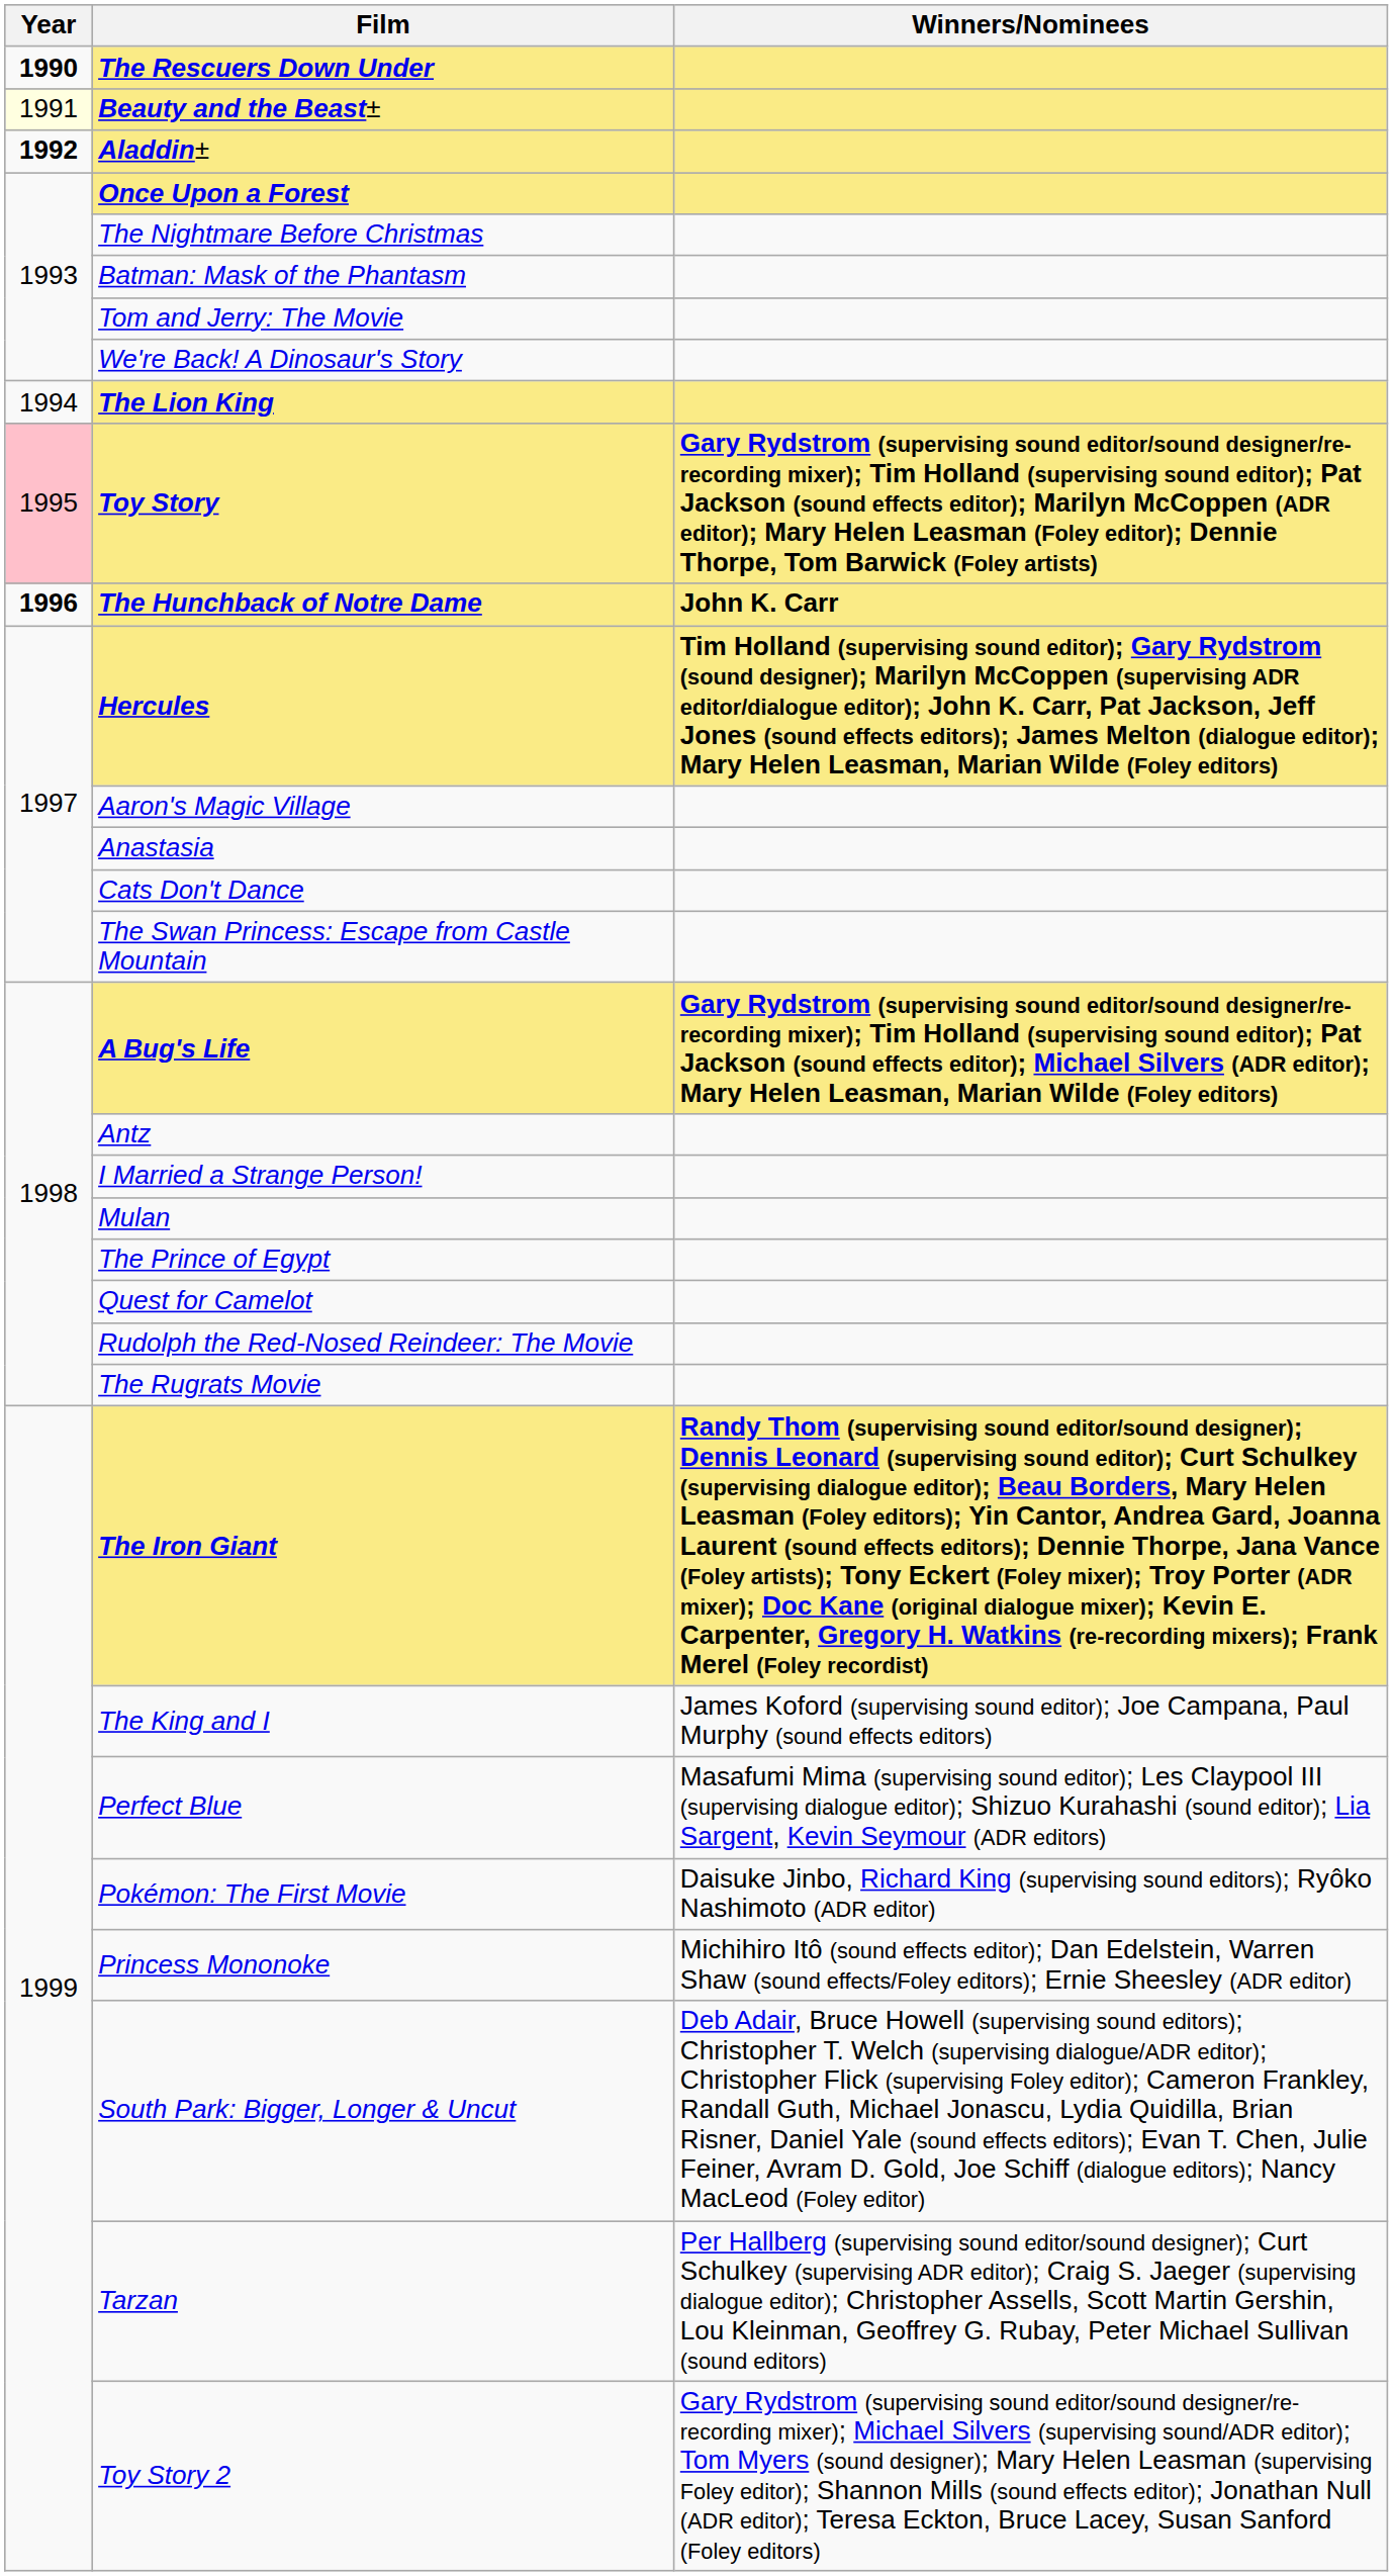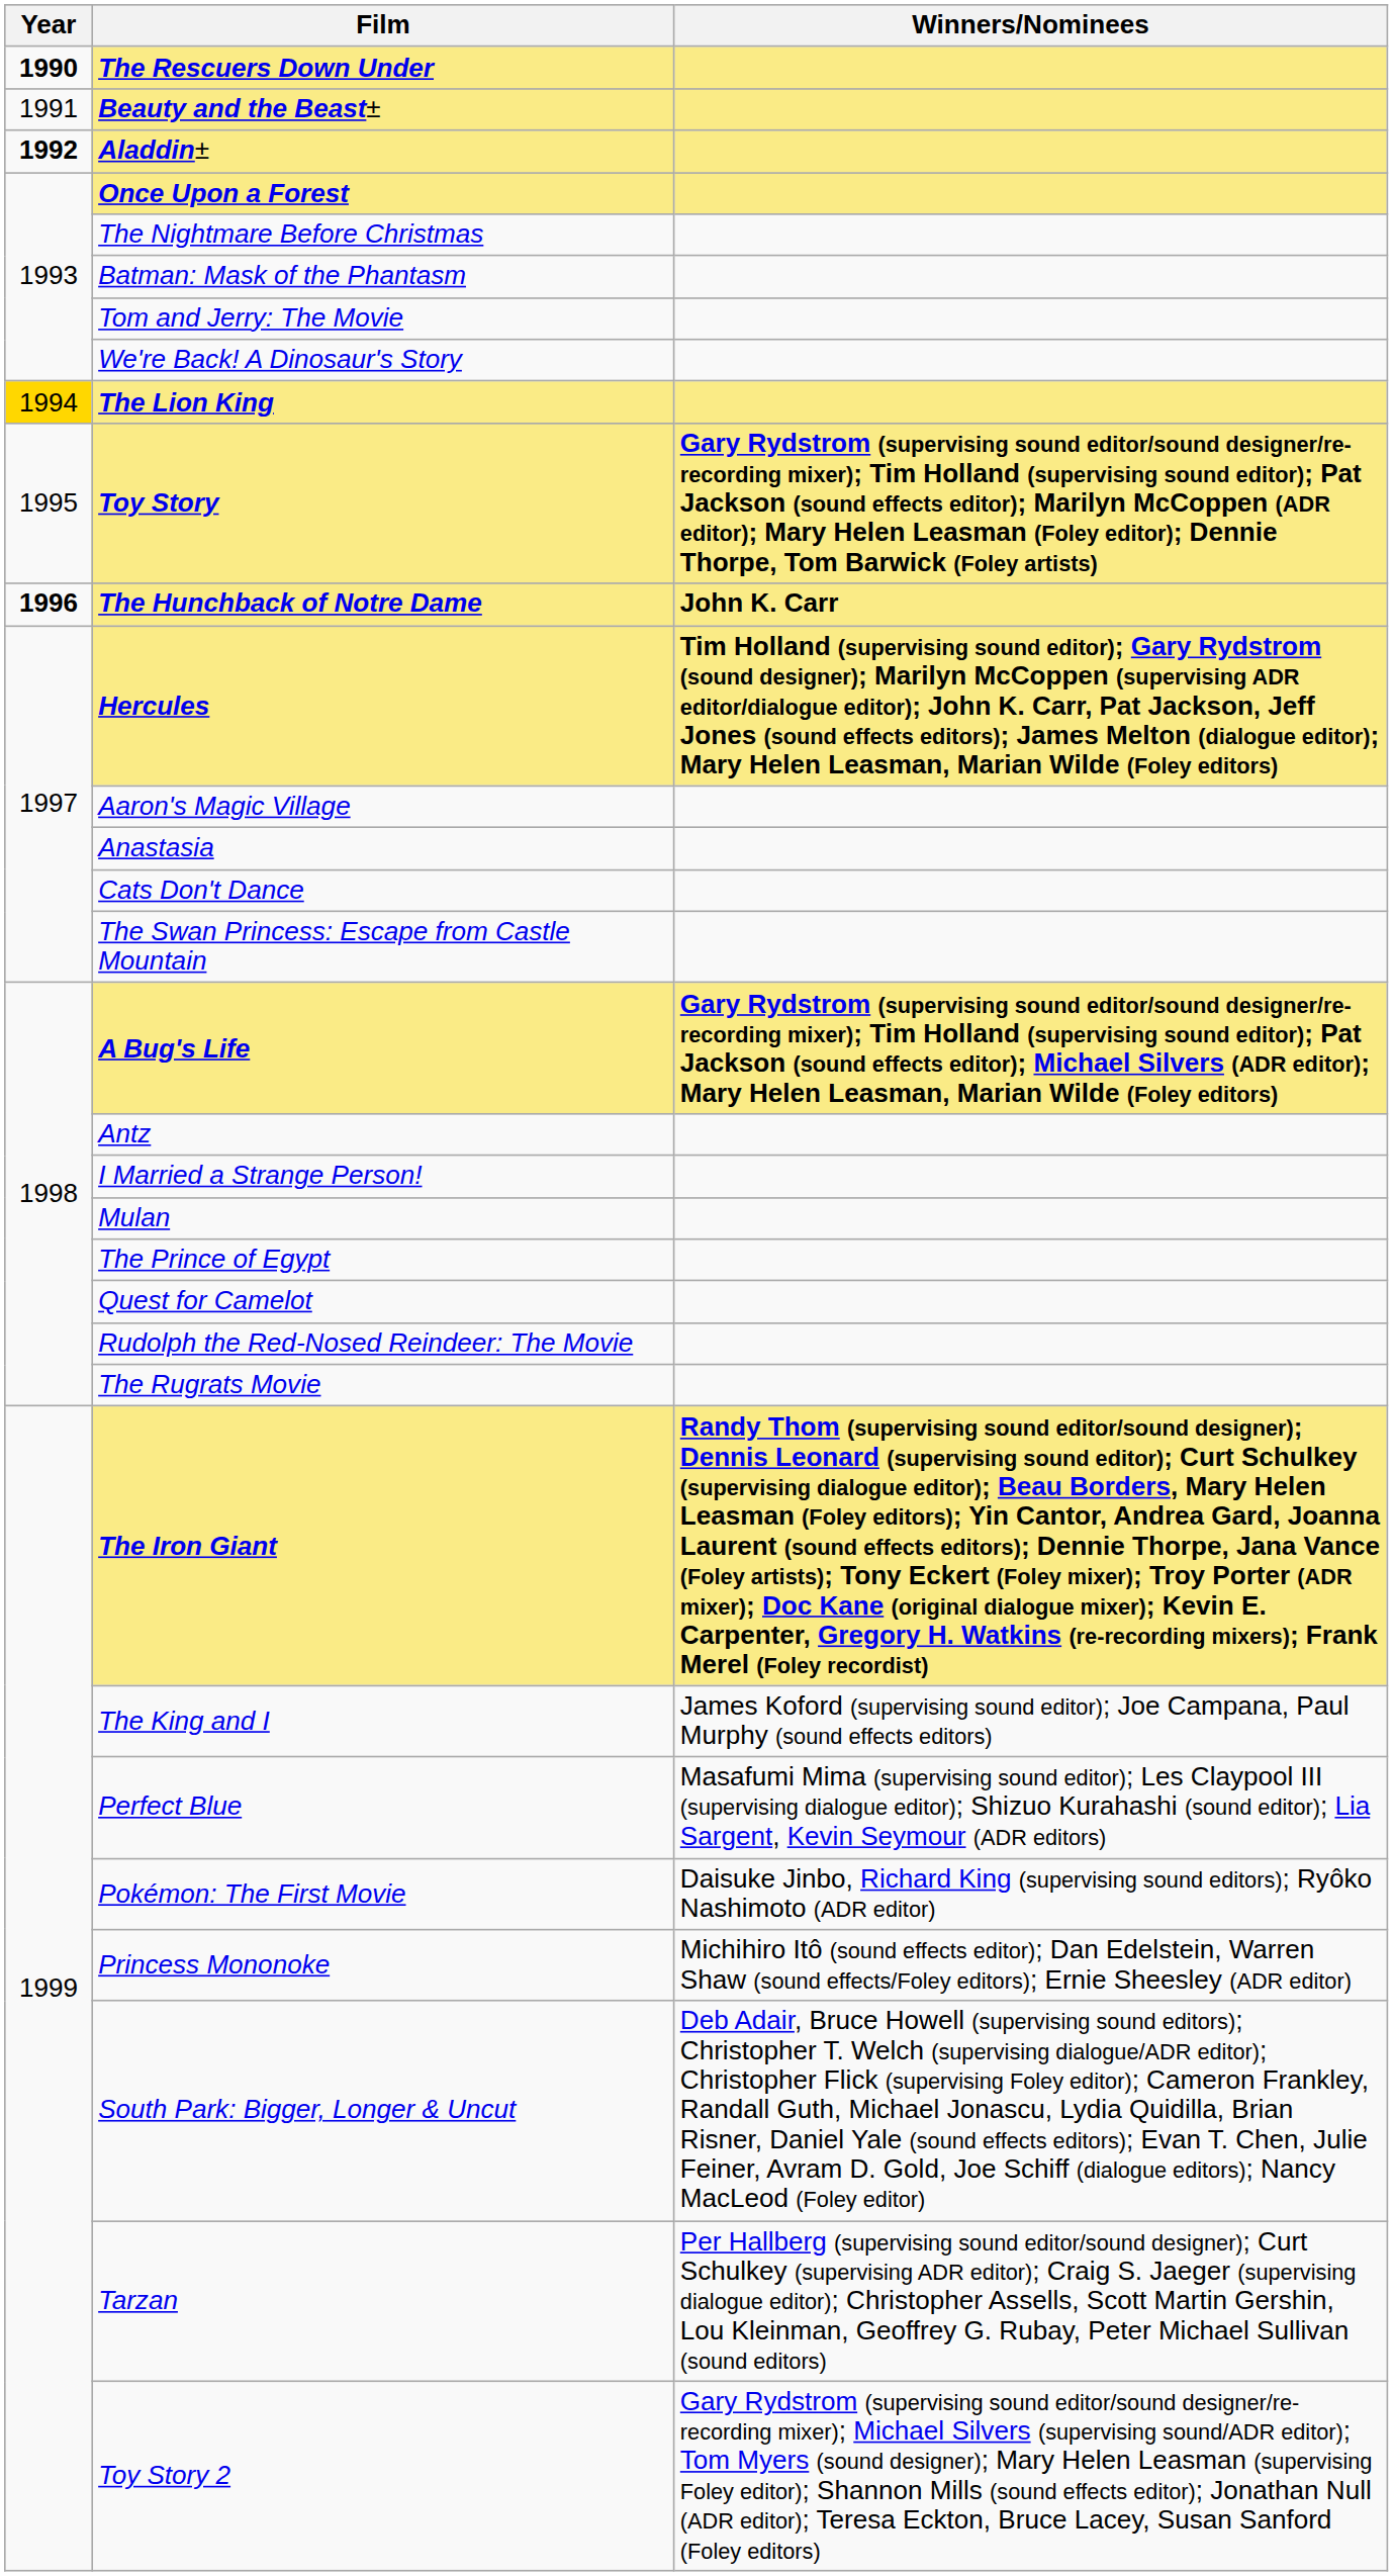 <table class="wikitable" width="95%" cellpadding="5">
 <tr>
 <th width="6%">Year</th>
 <th width="40%">Film</th>
 <th width="49%">Winners/Nominees</th>
 </tr>
 <tr>
 <td rowspan=1 style="text-align:center"><strong>1990</strong></td>
 <td style="background:#FAEB86;"><strong><em><a href='#'>The Rescuers Down Under</a></em></strong></td>
 <td style="background:#FAEB86;"></td>
 </tr>
 <tr>
-<td rowspan=1 style="background: lightyellow; text-align:center">1991</td>
+<td rowspan=1 style="text-align:center">1991</td>
 <td style="background:#FAEB86;"><strong><em><a href='#'>Beauty and the Beast</a></em></strong>±</td>
 <td style="background:#FAEB86;"></td>
 </tr>
 <tr>
 <td rowspan=1 style="text-align:center"><strong>1992</strong></td>
 <td style="background:#FAEB86;"><strong><em><a href='#'>Aladdin</a></em></strong>±</td>
 <td style="background:#FAEB86;"></td>
 </tr>
 <tr>
 <td rowspan=5 style="text-align:center">1993</td>
 <td style="background:#FAEB86;"><strong><em><a href='#'>Once Upon a Forest</a></em></strong></td>
 <td style="background:#FAEB86;"></td>
 </tr>
 <tr>
 <td><em><a href='#'>The Nightmare Before Christmas</a></em></td>
 <td></td>
 </tr>
 <tr>
 <td><em><a href='#'>Batman: Mask of the Phantasm</a></em></td>
 <td></td>
 </tr>
 <tr>
 <td><em><a href='#'>Tom and Jerry: The Movie</a></em></td>
 <td></td>
 </tr>
 <tr>
 <td><em><a href='#'>We're Back! A Dinosaur's Story</a></em></td>
 <td></td>
 </tr>
 <tr>
-<td rowspan=1 style="text-align:center">1994</td>
+<td rowspan=1 style="background: gold; text-align:center">1994</td>
 <td style="background:#FAEB86;"><strong><em><a href='#'>The Lion King</a></em></strong></td>
 <td style="background:#FAEB86;"></td>
 </tr>
 <tr>
-<td rowspan=1 style="background: pink; text-align:center">1995</td>
+<td rowspan=1 style="text-align:center">1995</td>
 <td style="background:#FAEB86;"><strong><em><a href='#'>Toy Story</a></em></strong></td>
 <td style="background:#FAEB86;"><strong><a href='#'>Gary Rydstrom</a> <small>(supervising sound editor/sound designer/re-recording mixer)</small>; Tim Holland <small>(supervising sound editor)</small>; Pat Jackson <small>(sound effects editor)</small>; Marilyn McCoppen <small>(ADR editor)</small>; Mary Helen Leasman <small>(Foley editor)</small>; Dennie Thorpe, Tom Barwick <small>(Foley artists)</small></strong></td>
 </tr>
 <tr>
 <td rowspan=1 style="text-align:center"><strong>1996</strong></td>
 <td style="background:#FAEB86;"><strong><em><a href='#'>The Hunchback of Notre Dame</a></em></strong></td>
 <td style="background:#FAEB86;"><strong>John K. Carr</strong></td>
 </tr>
 <tr>
 <td rowspan=5 style="text-align:center">1997</td>
 <td style="background:#FAEB86;"><strong><em><a href='#'>Hercules</a></em></strong></td>
 <td style="background:#FAEB86;"><strong>Tim Holland <small>(supervising sound editor)</small>; <a href='#'>Gary Rydstrom</a> <small>(sound designer)</small>; Marilyn McCoppen <small>(supervising ADR editor/dialogue editor)</small>; John K. Carr, Pat Jackson, Jeff Jones <small>(sound effects editors)</small>; James Melton <small>(dialogue editor)</small>; Mary Helen Leasman, Marian Wilde <small>(Foley editors)</small></strong></td>
 </tr>
 <tr>
 <td><em><a href='#'>Aaron's Magic Village</a></em></td>
 <td></td>
 </tr>
 <tr>
 <td><em><a href='#'>Anastasia</a></em></td>
 <td></td>
 </tr>
 <tr>
 <td><em><a href='#'>Cats Don't Dance</a></em></td>
 <td></td>
 </tr>
 <tr>
 <td><em><a href='#'>The Swan Princess: Escape from Castle Mountain</a></em></td>
 <td></td>
 </tr>
 <tr>
 <td rowspan=8 style="text-align:center">1998</td>
 <td style="background:#FAEB86;"><strong><em><a href='#'>A Bug's Life</a></em></strong></td>
 <td style="background:#FAEB86;"><strong><a href='#'>Gary Rydstrom</a> <small>(supervising sound editor/sound designer/re-recording mixer)</small>; Tim Holland <small>(supervising sound editor)</small>; Pat Jackson <small>(sound effects editor)</small>; <a href='#'>Michael Silvers</a> <small>(ADR editor)</small>; Mary Helen Leasman, Marian Wilde <small>(Foley editors)</small></strong></td>
 </tr>
 <tr>
 <td><em><a href='#'>Antz</a></em></td>
 <td></td>
 </tr>
 <tr>
 <td><em><a href='#'>I Married a Strange Person!</a></em></td>
 <td></td>
 </tr>
 <tr>
 <td><em><a href='#'>Mulan</a></em></td>
 <td></td>
 </tr>
 <tr>
 <td><em><a href='#'>The Prince of Egypt</a></em></td>
 <td></td>
 </tr>
 <tr>
 <td><em><a href='#'>Quest for Camelot</a></em></td>
 <td></td>
 </tr>
 <tr>
 <td><em><a href='#'>Rudolph the Red-Nosed Reindeer: The Movie</a></em></td>
 <td></td>
 </tr>
 <tr>
 <td><em><a href='#'>The Rugrats Movie</a></em></td>
 <td></td>
 </tr>
 <tr>
 <td rowspan=8 style="text-align:center">1999</td>
 <td style="background:#FAEB86;"><strong><em><a href='#'>The Iron Giant</a></em></strong></td>
 <td style="background:#FAEB86;"><strong><a href='#'>Randy Thom</a> <small>(supervising sound editor/sound designer)</small>; <a href='#'>Dennis Leonard</a> <small>(supervising sound editor)</small>; Curt Schulkey <small>(supervising dialogue editor)</small>; <a href='#'>Beau Borders</a>, Mary Helen Leasman <small>(Foley editors)</small>; Yin Cantor, Andrea Gard, Joanna Laurent <small>(sound effects editors)</small>; Dennie Thorpe, Jana Vance <small>(Foley artists)</small>; Tony Eckert <small>(Foley mixer)</small>; Troy Porter <small>(ADR mixer)</small>; <a href='#'>Doc Kane</a> <small>(original dialogue mixer)</small>; Kevin E. Carpenter, <a href='#'>Gregory H. Watkins</a> <small>(re-recording mixers)</small>; Frank Merel <small>(Foley recordist)</small></strong></td>
 </tr>
 <tr>
 <td><em><a href='#'>The King and I</a></em></td>
 <td>James Koford <small>(supervising sound editor)</small>; Joe Campana, Paul Murphy <small>(sound effects editors)</small></td>
 </tr>
 <tr>
 <td><em><a href='#'>Perfect Blue</a></em></td>
 <td>Masafumi Mima <small>(supervising sound editor)</small>; Les Claypool III <small>(supervising dialogue editor)</small>; Shizuo Kurahashi <small>(sound editor)</small>; <a href='#'>Lia Sargent</a>, <a href='#'>Kevin Seymour</a> <small>(ADR editors)</small></td>
 </tr>
 <tr>
 <td><em><a href='#'>Pokémon: The First Movie</a></em></td>
 <td>Daisuke Jinbo, <a href='#'>Richard King</a> <small>(supervising sound editors)</small>; Ryôko Nashimoto <small>(ADR editor)</small></td>
 </tr>
 <tr>
 <td><em><a href='#'>Princess Mononoke</a></em></td>
 <td>Michihiro Itô <small>(sound effects editor)</small>; Dan Edelstein, Warren Shaw <small>(sound effects/Foley editors)</small>; Ernie Sheesley <small>(ADR editor)</small></td>
 </tr>
 <tr>
 <td><em><a href='#'>South Park: Bigger, Longer & Uncut</a></em></td>
 <td><a href='#'>Deb Adair</a>, Bruce Howell <small>(supervising sound editors)</small>; Christopher T. Welch <small>(supervising dialogue/ADR editor)</small>; Christopher Flick <small>(supervising Foley editor)</small>; Cameron Frankley, Randall Guth, Michael Jonascu, Lydia Quidilla, Brian Risner, Daniel Yale <small>(sound effects editors)</small>; Evan T. Chen, Julie Feiner, Avram D. Gold, Joe Schiff <small>(dialogue editors)</small>; Nancy MacLeod <small>(Foley editor)</small></td>
 </tr>
 <tr>
 <td><em><a href='#'>Tarzan</a></em></td>
 <td><a href='#'>Per Hallberg</a> <small>(supervising sound editor/sound designer)</small>; Curt Schulkey <small>(supervising ADR editor)</small>; Craig S. Jaeger <small>(supervising dialogue editor)</small>; Christopher Assells, Scott Martin Gershin, Lou Kleinman, Geoffrey G. Rubay, Peter Michael Sullivan <small>(sound editors)</small></td>
 </tr>
 <tr>
 <td><em><a href='#'>Toy Story 2</a></em></td>
 <td><a href='#'>Gary Rydstrom</a> <small>(supervising sound editor/sound designer/re-recording mixer)</small>; <a href='#'>Michael Silvers</a> <small>(supervising sound/ADR editor)</small>; <a href='#'>Tom Myers</a> <small>(sound designer)</small>; Mary Helen Leasman <small>(supervising Foley editor)</small>; Shannon Mills <small>(sound effects editor)</small>; Jonathan Null <small>(ADR editor)</small>; Teresa Eckton, Bruce Lacey, Susan Sanford <small>(Foley editors)</small></td>
 </tr>
 </table>
